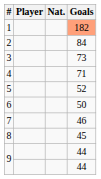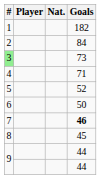 <table class="wikitable sortable" style="text-align: center;">
 <tr>
 <th>#</th>
 <th>Player</th>
 <th class="unsortable">Nat.</th>
 <th>Goals</th>
 </tr>
 <tr>
 <td>1</td>
 <td align="left"></td>
 <td></td>
-<td style="background: lightsalmon;">182</td>
+<td>182</td>
 </tr>
 <tr>
 <td>2</td>
 <td align="left"></td>
 <td></td>
 <td>84</td>
 </tr>
 <tr>
-<td>3</td>
+<td style="background: lightgreen;">3</td>
 <td align="left"></td>
 <td></td>
 <td>73</td>
 </tr>
 <tr>
 <td>4</td>
 <td align="left"></td>
 <td></td>
 <td>71</td>
 </tr>
 <tr>
 <td>5</td>
 <td align="left"></td>
 <td></td>
 <td>52</td>
 </tr>
 <tr>
 <td>6</td>
 <td align="left"></td>
 <td></td>
 <td>50</td>
 </tr>
 <tr>
 <td>7</td>
 <td align="left"></td>
 <td></td>
-<td>46</td>
+<td><strong>46</strong></td>
 </tr>
 <tr>
 <td>8</td>
 <td align="left"></td>
 <td></td>
 <td>45</td>
 </tr>
 <tr>
 <td rowspan=2>9</td>
 <td align="left"></td>
 <td></td>
 <td>44</td>
 </tr>
 <tr>
 <td align="left"></td>
 <td></td>
 <td>44</td>
 </tr>
 </table>
